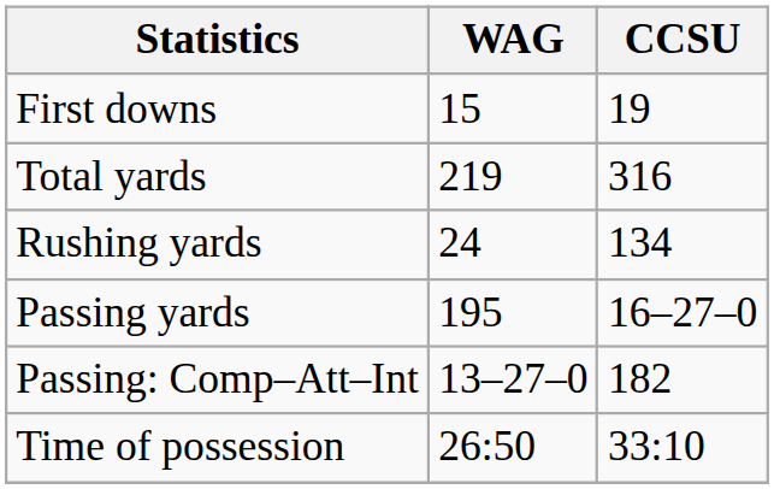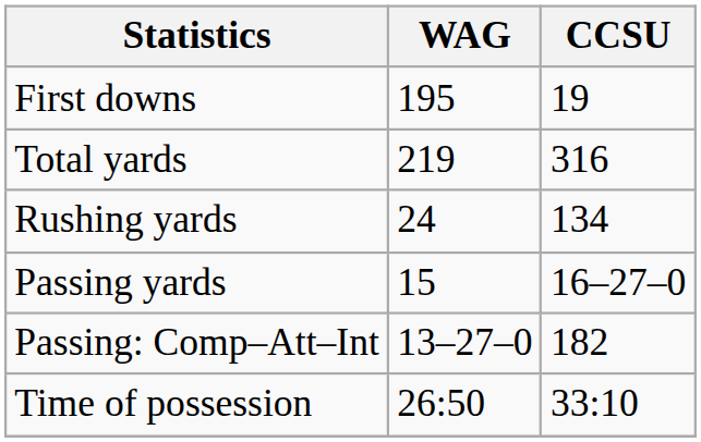 <table class="wikitable" style="float: left;">
 <tr>
 <th>Statistics</th>
 <th>WAG</th>
 <th>CCSU</th>
 </tr>
 <tr>
 <td>First downs</td>
-<td>15</td>
+<td>195</td>
 <td>19</td>
 </tr>
 <tr>
 <td>Total yards</td>
 <td>219</td>
 <td>316</td>
 </tr>
 <tr>
 <td>Rushing yards</td>
 <td>24</td>
 <td>134</td>
 </tr>
 <tr>
 <td>Passing yards</td>
-<td>195</td>
+<td>15</td>
 <td>16–27–0</td>
 </tr>
 <tr>
 <td>Passing: Comp–Att–Int</td>
 <td>13–27–0</td>
 <td>182</td>
 </tr>
 <tr>
 <td>Time of possession</td>
 <td>26:50</td>
 <td>33:10</td>
 </tr>
 <tr>
 </tr>
 </table>
